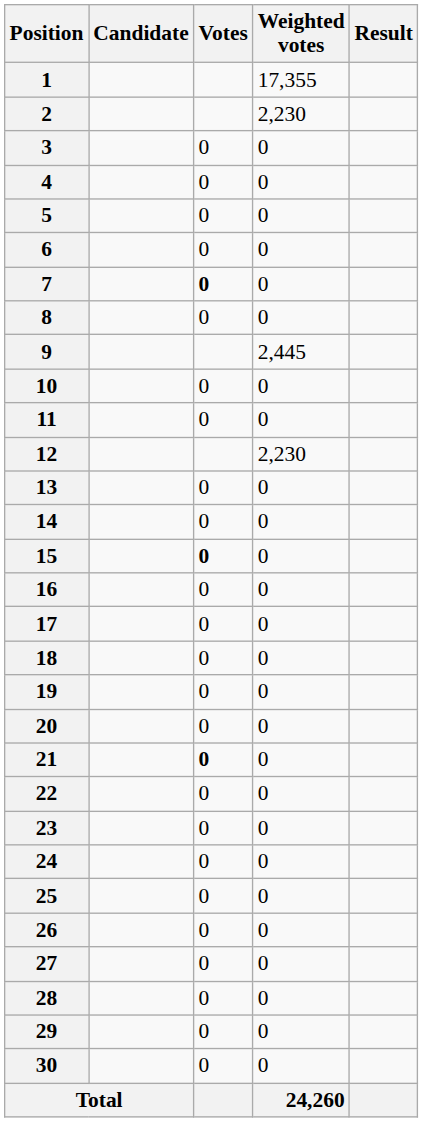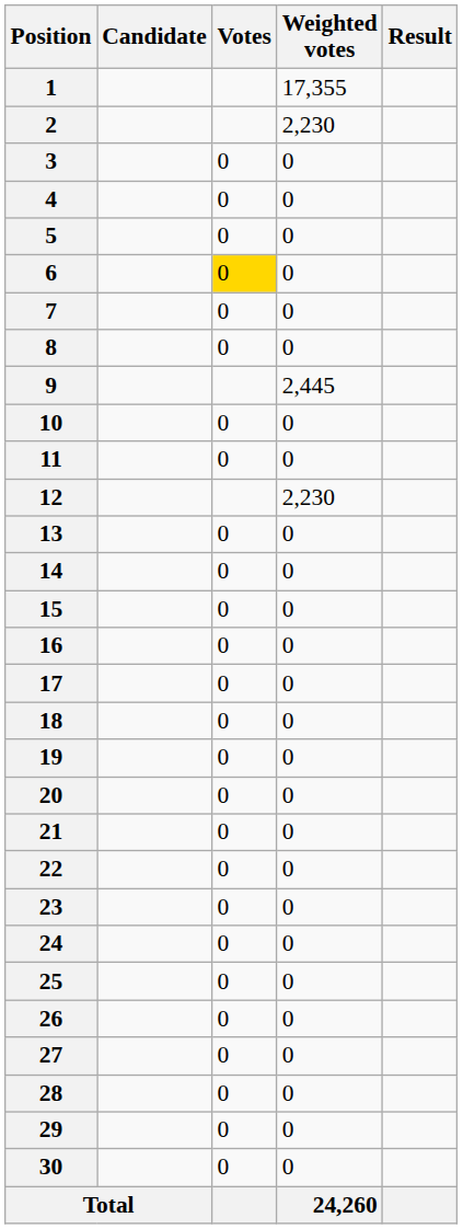 <table class="wikitable sortable col3right col4right">
 <tr>
 <th scope="col">Position</th>
 <th scope="col">Candidate</th>
 <th scope="col">Votes</th>
 <th scope="col">Weighted<br>votes</th>
 <th scope="col">Result</th>
 </tr>
 <tr>
 <th scope="row">1</th>
 <td></td>
 <td></td>
 <td>17,355</td>
 <td></td>
 </tr>
 <tr>
 <th scope="row">2</th>
 <td></td>
 <td></td>
 <td>2,230</td>
 <td></td>
 </tr>
 <tr>
 <th scope="row">3</th>
 <td></td>
 <td>0</td>
 <td>0</td>
 <td></td>
 </tr>
 <tr>
 <th scope="row">4</th>
 <td></td>
 <td>0</td>
 <td>0</td>
 <td></td>
 </tr>
 <tr>
 <th scope="row">5</th>
 <td></td>
 <td>0</td>
 <td>0</td>
 <td></td>
 </tr>
 <tr>
 <th scope="row">6</th>
 <td></td>
-<td>0</td>
+<td style="background: gold;">0</td>
 <td>0</td>
 <td></td>
 </tr>
 <tr>
 <th scope="row">7</th>
 <td></td>
-<td><strong>0</strong></td>
+<td>0</td>
 <td>0</td>
 <td></td>
 </tr>
 <tr>
 <th scope="row">8</th>
 <td></td>
 <td>0</td>
 <td>0</td>
 <td></td>
 </tr>
 <tr>
 <th scope="row">9</th>
 <td></td>
 <td></td>
 <td>2,445</td>
 <td></td>
 </tr>
 <tr>
 <th scope="row">10</th>
 <td></td>
 <td>0</td>
 <td>0</td>
 <td></td>
 </tr>
 <tr>
 <th scope="row">11</th>
 <td></td>
 <td>0</td>
 <td>0</td>
 <td></td>
 </tr>
 <tr>
 <th scope="row">12</th>
 <td></td>
 <td></td>
 <td>2,230</td>
 <td></td>
 </tr>
 <tr>
 <th scope="row">13</th>
 <td></td>
 <td>0</td>
 <td>0</td>
 <td></td>
 </tr>
 <tr>
 <th scope="row">14</th>
 <td></td>
 <td>0</td>
 <td>0</td>
 <td></td>
 </tr>
 <tr>
 <th scope="row">15</th>
 <td></td>
-<td><strong>0</strong></td>
+<td>0</td>
 <td>0</td>
 <td></td>
 </tr>
 <tr>
 <th scope="row">16</th>
 <td></td>
 <td>0</td>
 <td>0</td>
 <td></td>
 </tr>
 <tr>
 <th scope="row">17</th>
 <td></td>
 <td>0</td>
 <td>0</td>
 <td></td>
 </tr>
 <tr>
 <th scope="row">18</th>
 <td></td>
 <td>0</td>
 <td>0</td>
 <td></td>
 </tr>
 <tr>
 <th scope="row">19</th>
 <td></td>
 <td>0</td>
 <td>0</td>
 <td></td>
 </tr>
 <tr>
 <th scope="row">20</th>
 <td></td>
 <td>0</td>
 <td>0</td>
 <td></td>
 </tr>
 <tr>
 <th scope="row">21</th>
 <td></td>
-<td><strong>0</strong></td>
+<td>0</td>
 <td>0</td>
 <td></td>
 </tr>
 <tr>
 <th scope="row">22</th>
 <td></td>
 <td>0</td>
 <td>0</td>
 <td></td>
 </tr>
 <tr>
 <th scope="row">23</th>
 <td></td>
 <td>0</td>
 <td>0</td>
 <td></td>
 </tr>
 <tr>
 <th scope="row">24</th>
 <td></td>
 <td>0</td>
 <td>0</td>
 <td></td>
 </tr>
 <tr>
 <th scope="row">25</th>
 <td></td>
 <td>0</td>
 <td>0</td>
 <td></td>
 </tr>
 <tr>
 <th scope="row">26</th>
 <td></td>
 <td>0</td>
 <td>0</td>
 <td></td>
 </tr>
 <tr>
 <th scope="row">27</th>
 <td></td>
 <td>0</td>
 <td>0</td>
 <td></td>
 </tr>
 <tr>
 <th scope="row">28</th>
 <td></td>
 <td>0</td>
 <td>0</td>
 <td></td>
 </tr>
 <tr>
 <th scope="row">29</th>
 <td></td>
 <td>0</td>
 <td>0</td>
 <td></td>
 </tr>
 <tr>
 <th scope="row">30</th>
 <td></td>
 <td>0</td>
 <td>0</td>
 <td></td>
 </tr>
 <tr class="sortbottom">
 <th scope="row" colspan="2">Total</th>
 <th style="text-align:right"></th>
 <th style="text-align:right">24,260</th>
 <th></th>
 </tr>
 </table>
